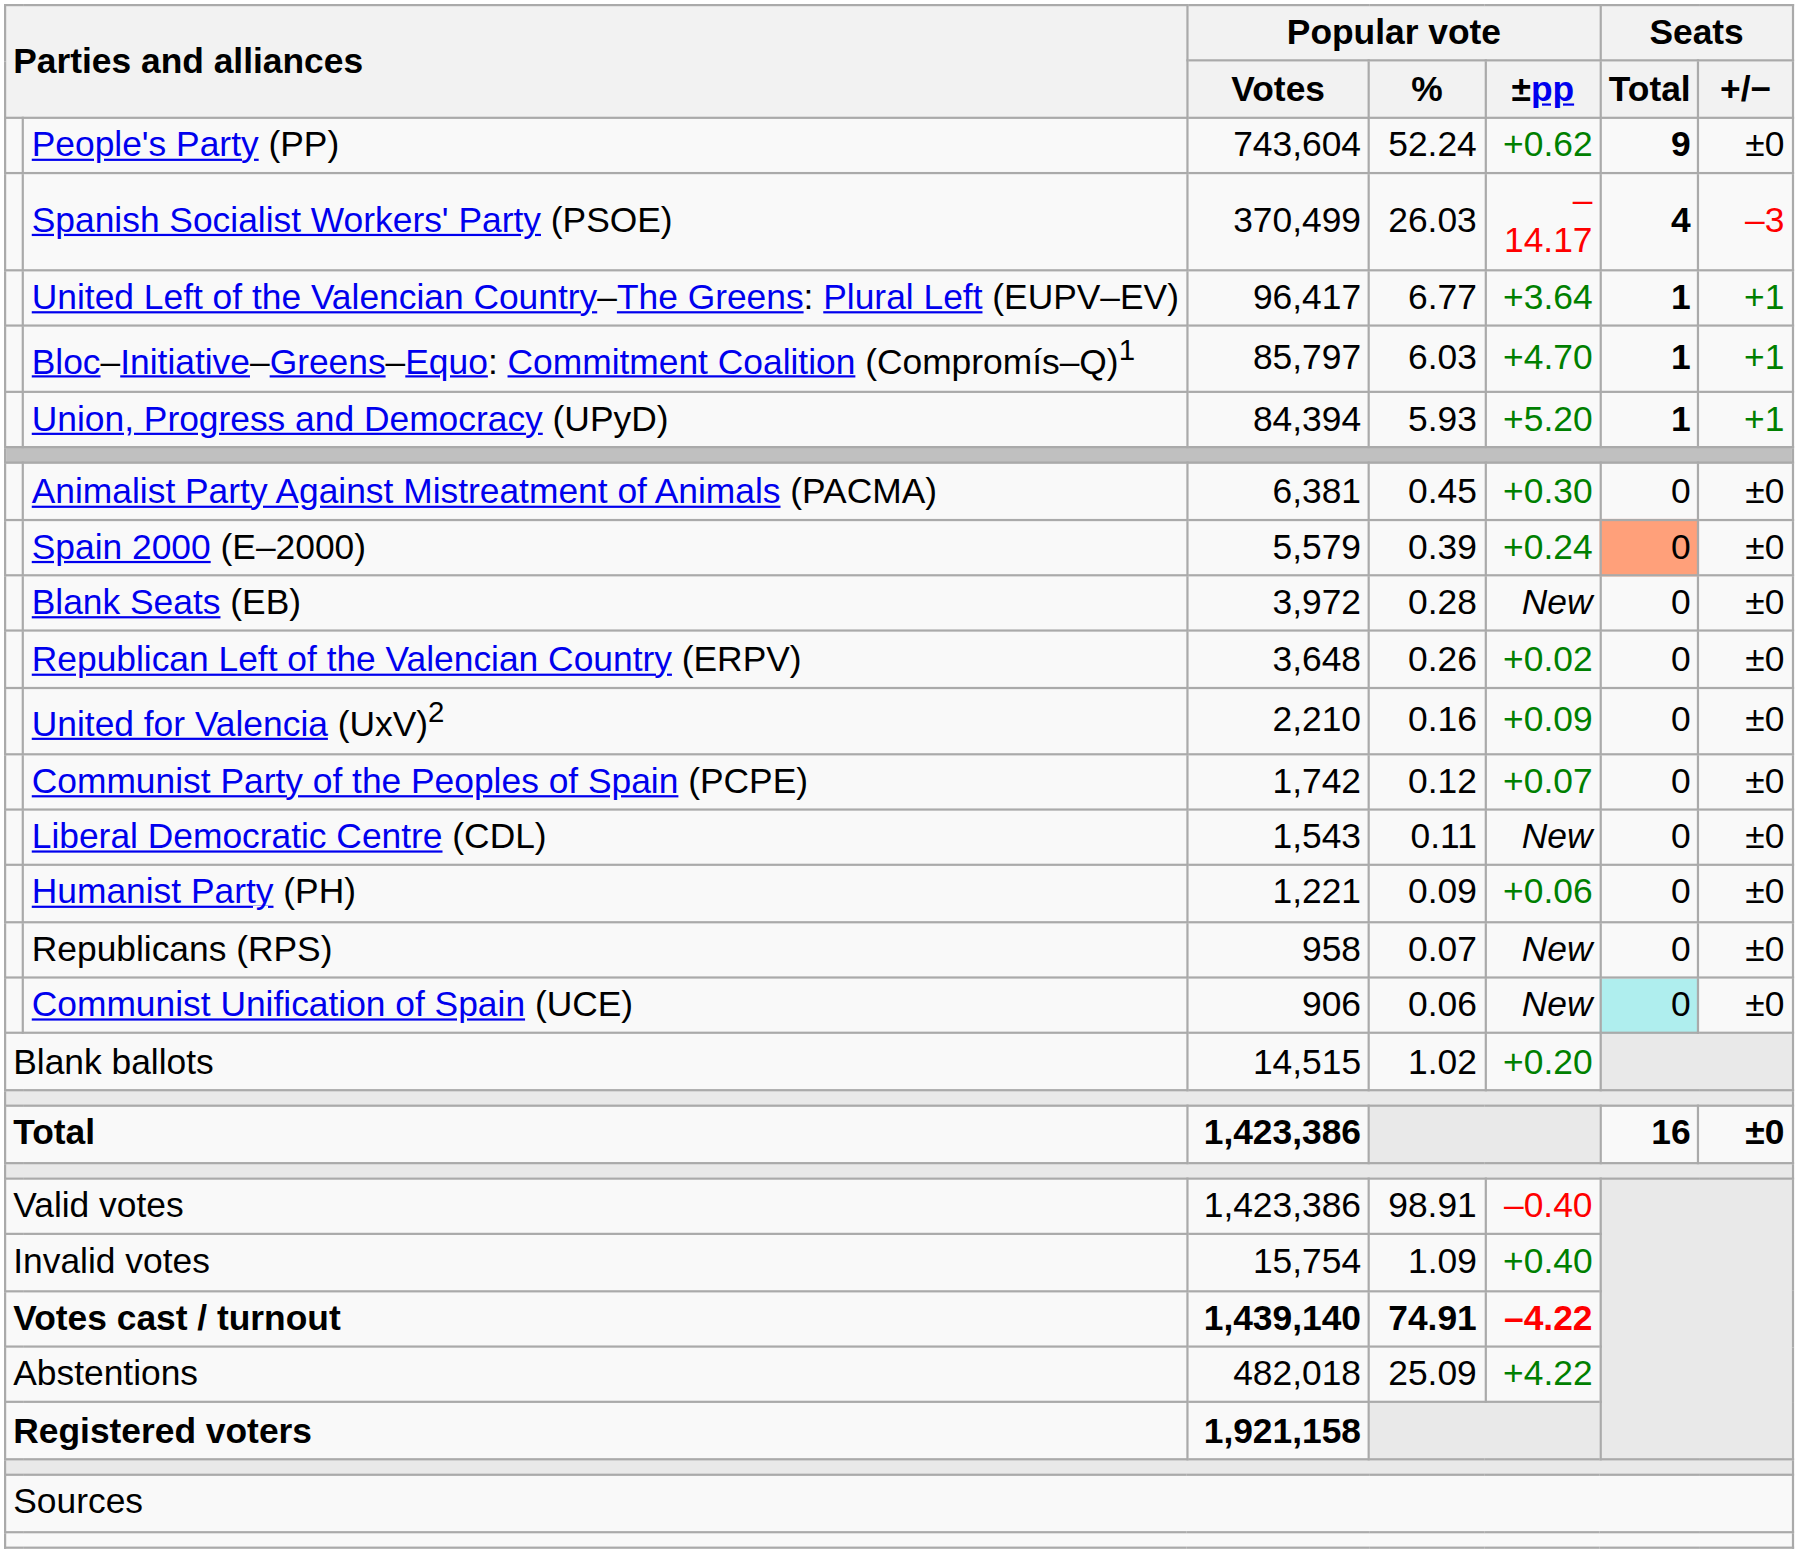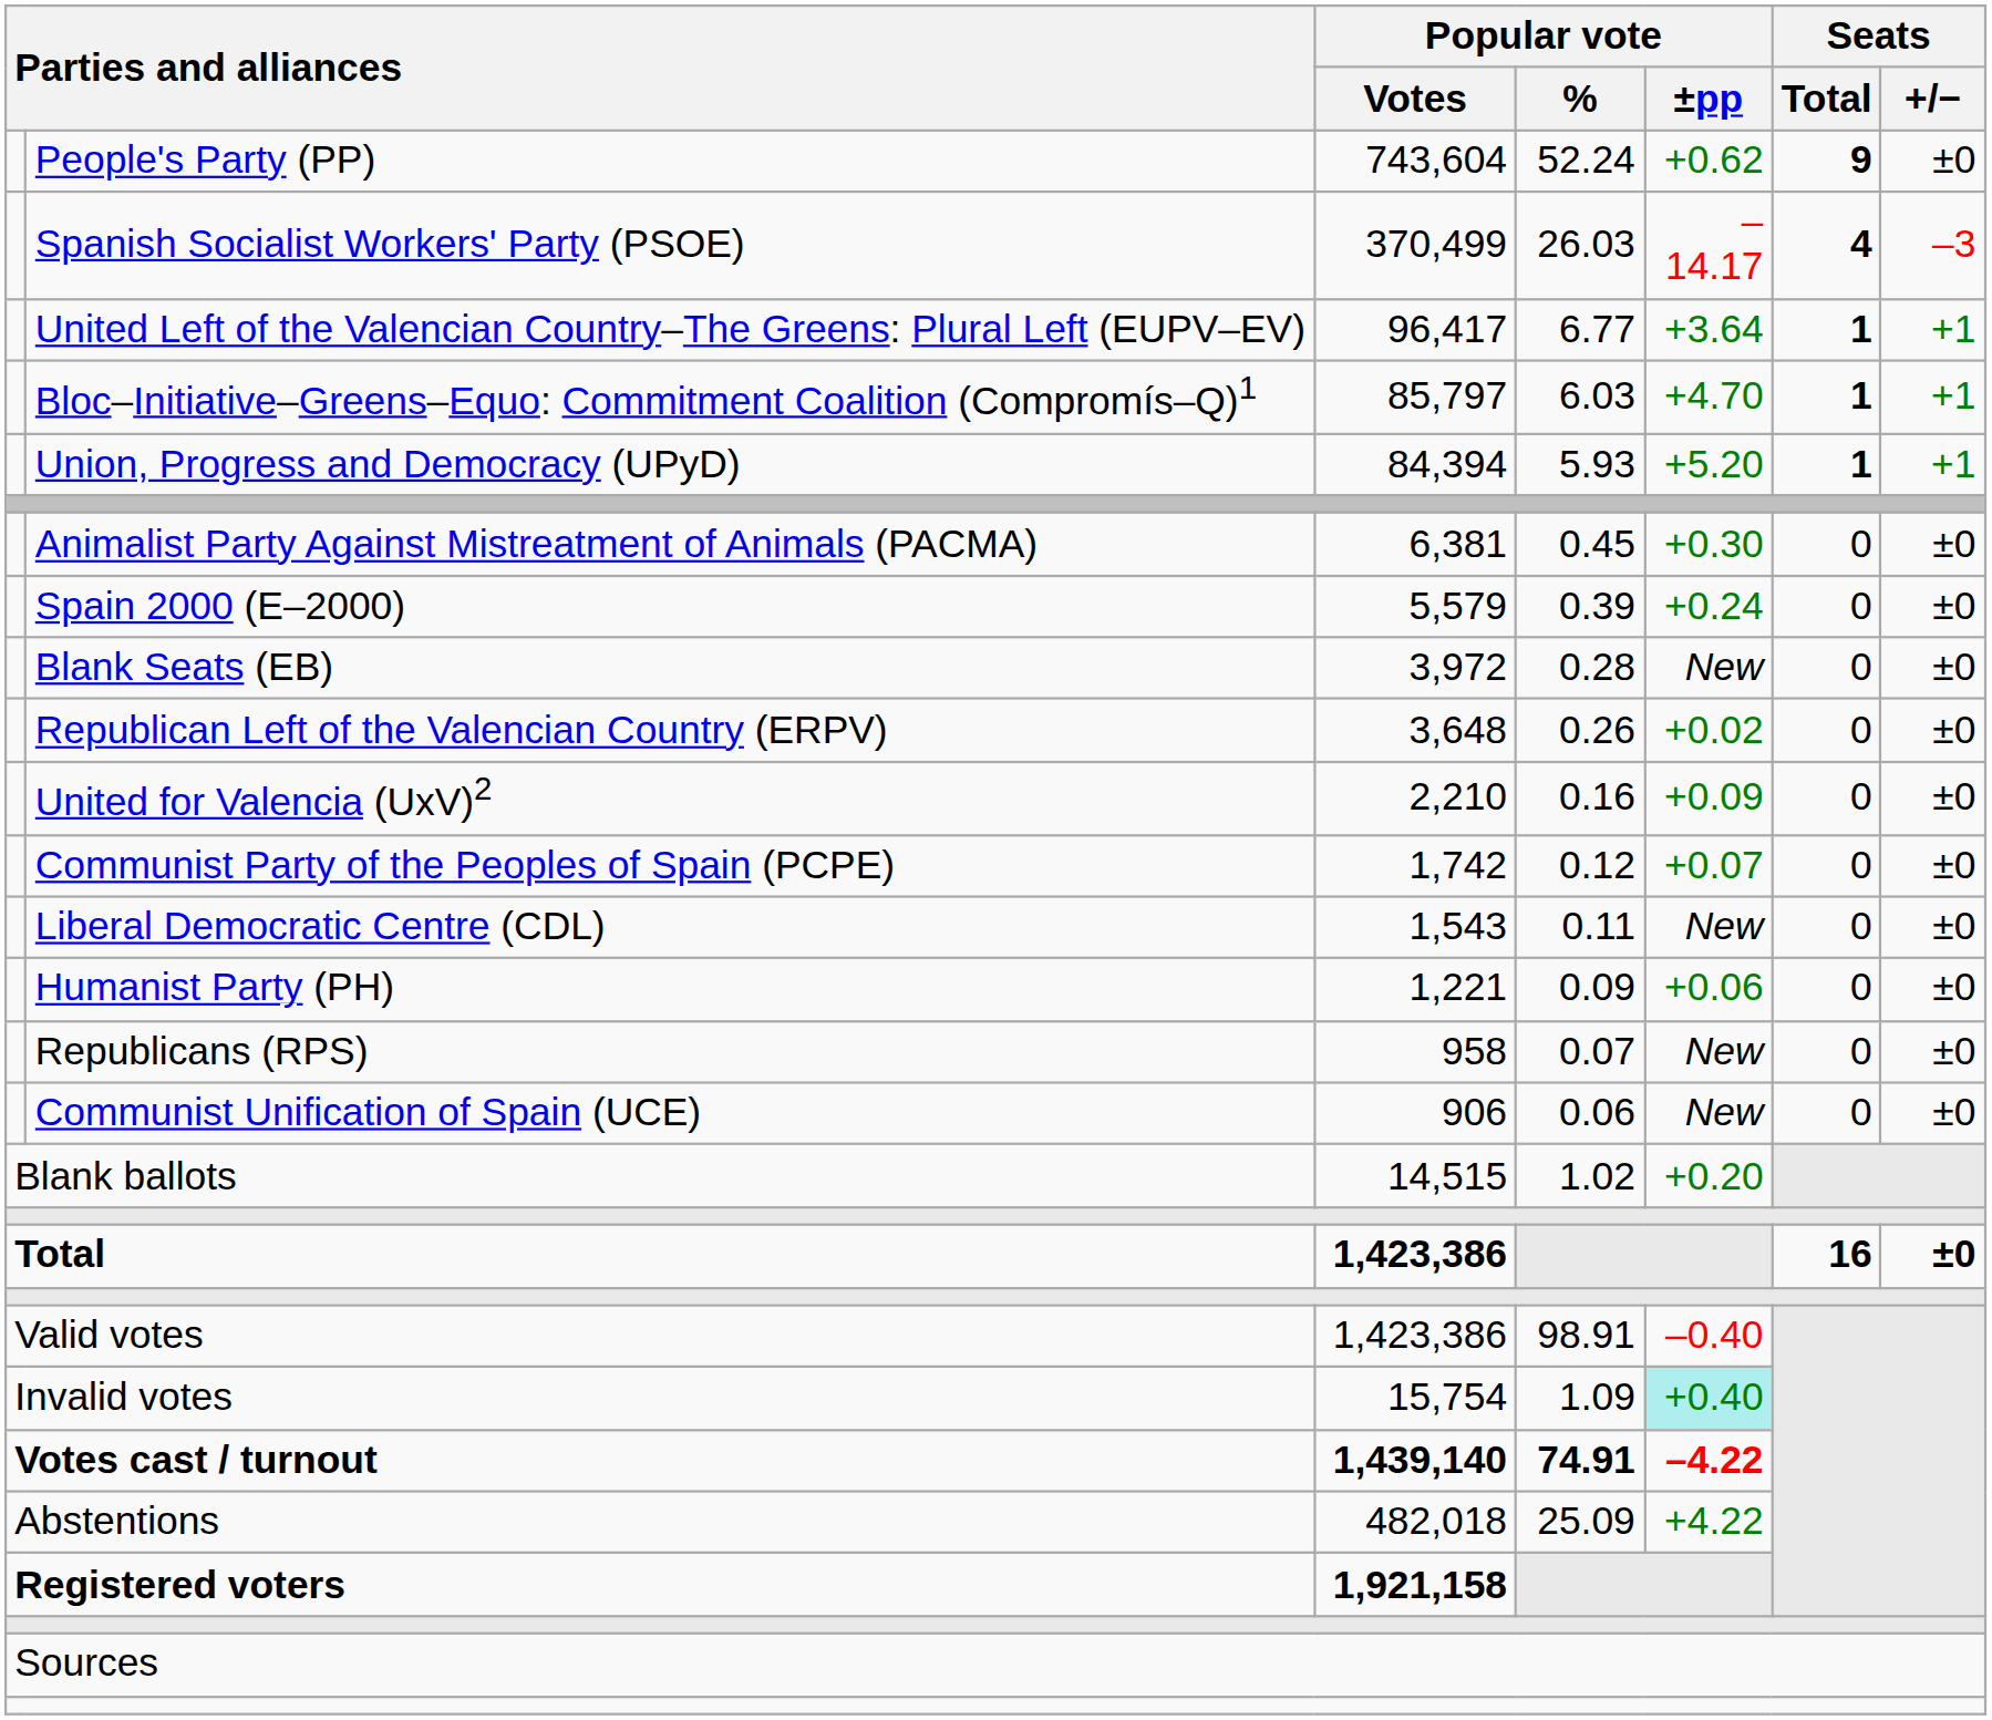 <table class="wikitable" style="text-align:right;">
 <tr>
 <th style="text-align:left;" rowspan="2" colspan="2" width="525">Parties and alliances</th>
 <th colspan="3">Popular vote</th>
 <th colspan="2">Seats</th>
 </tr>
 <tr>
 <th width="75">Votes</th>
 <th width="45">%</th>
 <th width="45">±<a href='#'>pp</a></th>
 <th width="35">Total</th>
 <th width="35">+/−</th>
 </tr>
 <tr>
 <td width="1" style="color:inherit;background:"></td>
 <td align="left"><a href='#'>People's Party</a> (PP)</td>
 <td>743,604</td>
 <td>52.24</td>
 <td style="color:green;">+0.62</td>
 <td><strong>9</strong></td>
 <td>±0</td>
 </tr>
 <tr>
 <td style="color:inherit;background:"></td>
 <td align="left"><a href='#'>Spanish Socialist Workers' Party</a> (PSOE)</td>
 <td>370,499</td>
 <td>26.03</td>
 <td style="color:red;">–14.17</td>
 <td><strong>4</strong></td>
 <td style="color:red;">–3</td>
 </tr>
 <tr>
 <td style="color:inherit;background:"></td>
 <td align="left"><a href='#'>United Left of the Valencian Country</a>–<a href='#'>The Greens</a>: <a href='#'>Plural Left</a> (EUPV–EV)</td>
 <td>96,417</td>
 <td>6.77</td>
 <td style="color:green;">+3.64</td>
 <td><strong>1</strong></td>
 <td style="color:green;">+1</td>
 </tr>
 <tr>
 <td style="color:inherit;background:"></td>
 <td align="left"><a href='#'>Bloc</a>–<a href='#'>Initiative</a>–<a href='#'>Greens</a>–<a href='#'>Equo</a>: <a href='#'>Commitment Coalition</a> (Compromís–Q)<sup>1</sup></td>
 <td>85,797</td>
 <td>6.03</td>
 <td style="color:green;">+4.70</td>
 <td><strong>1</strong></td>
 <td style="color:green;">+1</td>
 </tr>
 <tr>
 <td style="color:inherit;background:"></td>
 <td align="left"><a href='#'>Union, Progress and Democracy</a> (UPyD)</td>
 <td>84,394</td>
 <td>5.93</td>
 <td style="color:green;">+5.20</td>
 <td><strong>1</strong></td>
 <td style="color:green;">+1</td>
 </tr>
 <tr>
 <td colspan="7" bgcolor="#C0C0C0"></td>
 </tr>
 <tr>
 <td style="color:inherit;background:"></td>
 <td align="left"><a href='#'>Animalist Party Against Mistreatment of Animals</a> (PACMA)</td>
 <td>6,381</td>
 <td>0.45</td>
 <td style="color:green;">+0.30</td>
 <td>0</td>
 <td>±0</td>
 </tr>
 <tr>
 <td style="color:inherit;background:"></td>
 <td align="left"><a href='#'>Spain 2000</a> (E–2000)</td>
 <td>5,579</td>
 <td>0.39</td>
 <td style="color:green;">+0.24</td>
-<td style="background: lightsalmon;">0</td>
+<td>0</td>
 <td>±0</td>
 </tr>
 <tr>
 <td style="color:inherit;background:"></td>
 <td align="left"><a href='#'>Blank Seats</a> (EB)</td>
 <td>3,972</td>
 <td>0.28</td>
 <td><em>New</em></td>
 <td>0</td>
 <td>±0</td>
 </tr>
 <tr>
 <td style="color:inherit;background:"></td>
 <td align="left"><a href='#'>Republican Left of the Valencian Country</a> (ERPV)</td>
 <td>3,648</td>
 <td>0.26</td>
 <td style="color:green;">+0.02</td>
 <td>0</td>
 <td>±0</td>
 </tr>
 <tr>
 <td style="color:inherit;background:"></td>
 <td align="left"><a href='#'>United for Valencia</a> (UxV)<sup>2</sup></td>
 <td>2,210</td>
 <td>0.16</td>
 <td style="color:green;">+0.09</td>
 <td>0</td>
 <td>±0</td>
 </tr>
 <tr>
 <td style="color:inherit;background:"></td>
 <td align="left"><a href='#'>Communist Party of the Peoples of Spain</a> (PCPE)</td>
 <td>1,742</td>
 <td>0.12</td>
 <td style="color:green;">+0.07</td>
 <td>0</td>
 <td>±0</td>
 </tr>
 <tr>
 <td style="color:inherit;background:"></td>
 <td align="left"><a href='#'>Liberal Democratic Centre</a> (CDL)</td>
 <td>1,543</td>
 <td>0.11</td>
 <td><em>New</em></td>
 <td>0</td>
 <td>±0</td>
 </tr>
 <tr>
 <td style="color:inherit;background:"></td>
 <td align="left"><a href='#'>Humanist Party</a> (PH)</td>
 <td>1,221</td>
 <td>0.09</td>
 <td style="color:green;">+0.06</td>
 <td>0</td>
 <td>±0</td>
 </tr>
 <tr>
 <td style="color:inherit;background:"></td>
 <td align="left">Republicans (RPS)</td>
 <td>958</td>
 <td>0.07</td>
 <td><em>New</em></td>
 <td>0</td>
 <td>±0</td>
 </tr>
 <tr>
 <td style="color:inherit;background:"></td>
 <td align="left"><a href='#'>Communist Unification of Spain</a> (UCE)</td>
 <td>906</td>
 <td>0.06</td>
 <td><em>New</em></td>
-<td style="background: paleturquoise;">0</td>
+<td>0</td>
 <td>±0</td>
 </tr>
 <tr>
 <td align="left" colspan="2">Blank ballots</td>
 <td>14,515</td>
 <td>1.02</td>
 <td style="color:green;">+0.20</td>
 <td bgcolor="#E9E9E9" colspan="2"></td>
 </tr>
 <tr>
 <td colspan="7" bgcolor="#E9E9E9"></td>
 </tr>
 <tr style="font-weight:bold;">
 <td align="left" colspan="2">Total</td>
 <td>1,423,386</td>
 <td bgcolor="#E9E9E9" colspan="2"></td>
 <td>16</td>
 <td>±0</td>
 </tr>
 <tr>
 <td colspan="7" bgcolor="#E9E9E9"></td>
 </tr>
 <tr>
 <td align="left" colspan="2">Valid votes</td>
 <td>1,423,386</td>
 <td>98.91</td>
 <td style="color:red;">–0.40</td>
 <td bgcolor="#E9E9E9" colspan="2" rowspan="5"></td>
 </tr>
 <tr>
 <td align="left" colspan="2">Invalid votes</td>
 <td>15,754</td>
 <td>1.09</td>
-<td style="color:green;">+0.40</td>
+<td style="background: paleturquoise; color:green;">+0.40</td>
 </tr>
 <tr style="font-weight:bold;">
 <td align="left" colspan="2">Votes cast / turnout</td>
 <td>1,439,140</td>
 <td>74.91</td>
 <td style="color:red;">–4.22</td>
 </tr>
 <tr>
 <td align="left" colspan="2">Abstentions</td>
 <td>482,018</td>
 <td>25.09</td>
 <td style="color:green;">+4.22</td>
 </tr>
 <tr style="font-weight:bold;">
 <td align="left" colspan="2">Registered voters</td>
 <td>1,921,158</td>
 <td bgcolor="#E9E9E9" colspan="2"></td>
 </tr>
 <tr>
 <td colspan="7" bgcolor="#E9E9E9"></td>
 </tr>
 <tr>
 <td align="left" colspan="7">Sources</td>
 </tr>
 <tr>
 <td colspan="7" style="text-align:left; max-width:790px;"></td>
 </tr>
 </table>
